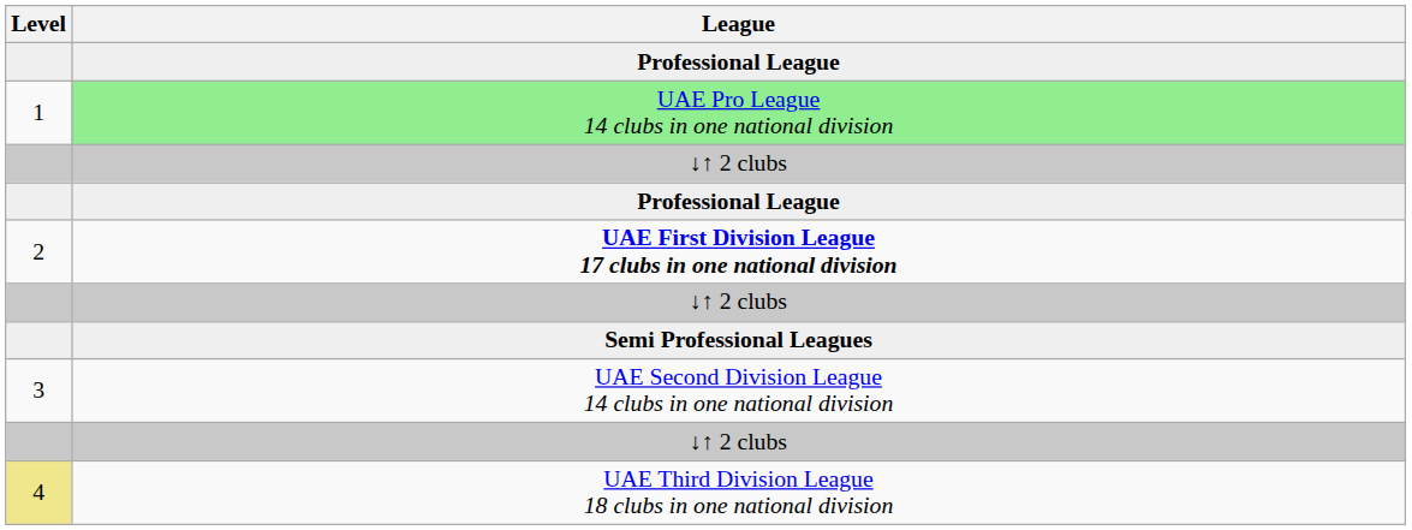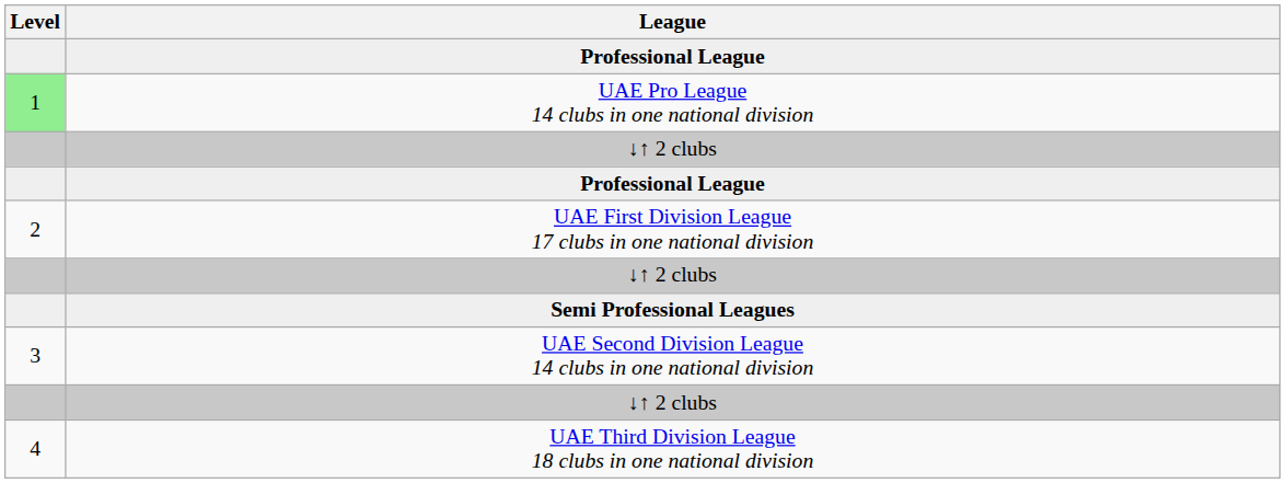 <table class="wikitable" style="text-align: center;" width="75%">
 <tr>
 <th>Level</th>
 <th>League</th>
 </tr>
 <tr style="background:#efefef;">
 <td width="4.6%" align="center"></td>
 <td colspan="18" width="95.4%" style="text-align:center;"><strong>Professional League</strong></td>
 </tr>
 <tr>
-<td>1</td>
-<td style="background: lightgreen;"><a href='#'>UAE Pro League</a> <br><em>14 clubs in one national division</em><br></td>
+<td style="background: lightgreen;">1</td>
+<td><a href='#'>UAE Pro League</a> <br><em>14 clubs in one national division</em><br></td>
 </tr>
 <tr style="background:#c8c8c8">
 <td style="width:4%;"></td>
 <td colspan="9" style="width:96%;">↓↑ 2 clubs</td>
 </tr>
 <tr style="background:#efefef;">
 <td width="4.6%" align="center"></td>
 <td colspan="18" width="95.4%" style="text-align:center;"><strong>Professional League</strong></td>
 </tr>
 <tr>
 <td>2</td>
-<td><strong><a href='#'>UAE First Division League</a> <br><em>17 clubs in one national division</em><br></strong></td>
+<td><a href='#'>UAE First Division League</a> <br><em>17 clubs in one national division</em><br></td>
 </tr>
 <tr style="background:#c8c8c8">
 <td style="width:4%;"></td>
 <td colspan="9" style="width:96%;">↓↑ 2 clubs</td>
 </tr>
 <tr style="background:#efefef;">
 <td width="4.6%" align="center"></td>
 <td colspan="18" width="95.4%" style="text-align:center;"><strong>Semi Professional Leagues</strong></td>
 </tr>
 <tr>
 <td>3</td>
 <td><a href='#'>UAE Second Division League</a> <br><em>14 clubs in one national division</em><br></td>
 </tr>
 <tr style="background:#c8c8c8">
 <td style="width:4%;"></td>
 <td colspan="9" style="width:96%;">↓↑ 2 clubs</td>
 </tr>
 <tr>
-<td style="background: khaki;">4</td>
+<td>4</td>
 <td><a href='#'>UAE Third Division League</a> <br><em>18 clubs in one national division</em><br></td>
 </tr>
 </table>
